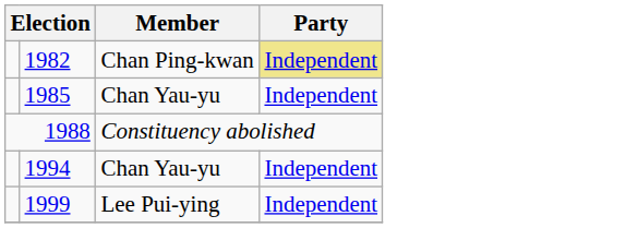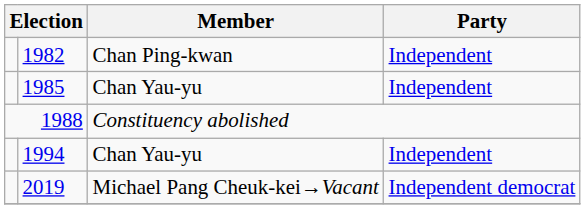 <table class="wikitable">
 <tr>
 <th colspan="2">Election</th>
 <th>Member</th>
 <th>Party</th>
 </tr>
 <tr>
 <td style="background-color: "></td>
 <td><a href='#'>1982</a></td>
 <td>Chan Ping-kwan</td>
-<td style="background: khaki;"><a href='#'>Independent</a></td>
+<td><a href='#'>Independent</a></td>
 </tr>
 <tr>
 <td style="background-color: "></td>
 <td><a href='#'>1985</a></td>
 <td>Chan Yau-yu</td>
 <td><a href='#'>Independent</a></td>
 </tr>
 <tr>
 <td align=right colspan=2><a href='#'>1988</a></td>
 <td colspan=2><em>Constituency abolished</em></td>
 </tr>
 <tr>
 <td style="background-color: "></td>
 <td><a href='#'>1994</a></td>
 <td>Chan Yau-yu</td>
 <td><a href='#'>Independent</a></td>
 </tr>
 <tr>
 <td style="background-color: "></td>
-<td><a href='#'>1999</a></td>
-<td>Lee Pui-ying</td>
-<td><a href='#'>Independent</a></td>
+<td><a href='#'>2019</a></td>
+<td>Michael Pang Cheuk-kei→<em>Vacant</em></td>
+<td><a href='#'>Independent democrat</a></td>
 </tr>
 <tr>
 </tr>
 </table>
